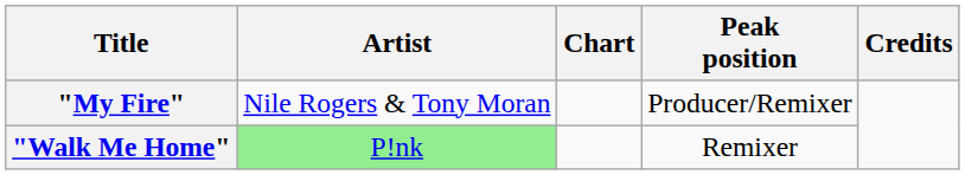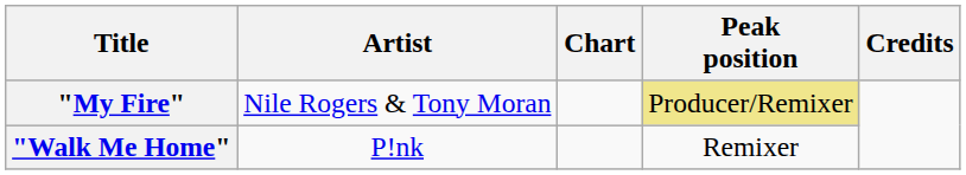 <table class="wikitable plainrowheaders" style="text-align:center;">
 <tr>
 <th scope="col">Title</th>
 <th scope="col">Artist</th>
 <th scope="col">Chart</th>
 <th scope="col">Peak<br>position</th>
 <th scope="col">Credits</th>
 </tr>
 <tr>
 <th scope="row">"<a href='#'>My Fire</a>"</th>
 <td><a href='#'>Nile Rogers</a> & <a href='#'>Tony Moran</a></td>
 <td></td>
-<td>Producer/Remixer</td>
+<td style="background: khaki;">Producer/Remixer</td>
 </tr>
 <tr>
 <th scope="row"><a href='#'>"Walk Me Home</a>"</th>
-<td style="background: lightgreen;"><a href='#'>P!nk</a></td>
+<td><a href='#'>P!nk</a></td>
 <td></td>
 <td>Remixer</td>
 </tr>
 </table>
